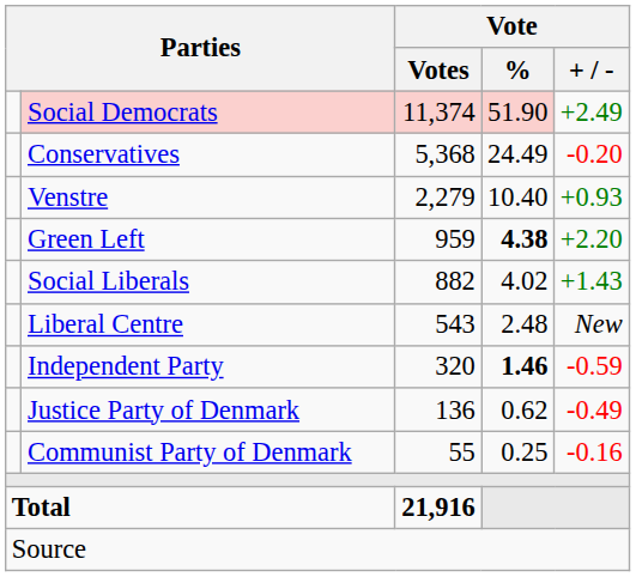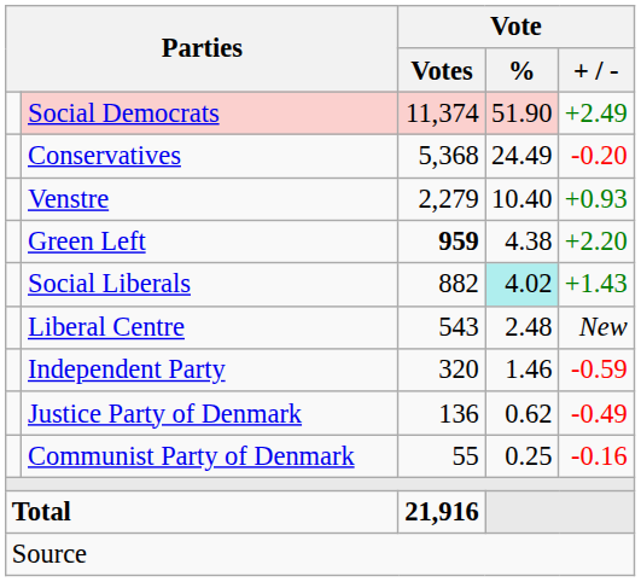 <table class="wikitable" style="text-align:right;">
 <tr>
 <th style="text-align:centre;" rowspan="2" colspan="2" width="225">Parties</th>
 <th colspan="3">Vote</th>
 </tr>
 <tr>
 <th width="15">Votes</th>
 <th width="15">%</th>
 <th width="15">+ / -</th>
 </tr>
 <tr>
 <td width="2" style="color:inherit;background:"></td>
 <td bgcolor=#fbd0ce  align="left"><a href='#'>Social Democrats</a></td>
 <td bgcolor=#fbd0ce>11,374</td>
 <td bgcolor=#fbd0ce>51.90</td>
 <td style=color:green;>+2.49</td>
 </tr>
 <tr>
 <td width="2" style="color:inherit;background:"></td>
 <td align="left"><a href='#'>Conservatives</a></td>
 <td>5,368</td>
 <td>24.49</td>
 <td style=color:red;>-0.20</td>
 </tr>
 <tr>
 <td width="2" style="color:inherit;background:"></td>
 <td align="left"><a href='#'>Venstre</a></td>
 <td>2,279</td>
 <td>10.40</td>
 <td style=color:green;>+0.93</td>
 </tr>
 <tr>
 <td width="2" style="color:inherit;background:"></td>
 <td align="left"><a href='#'>Green Left</a></td>
-<td>959</td>
-<td><strong>4.38</strong></td>
+<td><strong>959</strong></td>
+<td>4.38</td>
 <td style=color:green;>+2.20</td>
 </tr>
 <tr>
 <td width="2" style="color:inherit;background:"></td>
 <td align="left"><a href='#'>Social Liberals</a></td>
 <td>882</td>
-<td>4.02</td>
+<td style="background: paleturquoise;">4.02</td>
 <td style=color:green;>+1.43</td>
 </tr>
 <tr>
 <td width="2" style="color:inherit;background:"></td>
 <td align="left"><a href='#'>Liberal Centre</a></td>
 <td>543</td>
 <td>2.48</td>
 <td><em>New</em></td>
 </tr>
 <tr>
 <td width="2" style="color:inherit;background:"></td>
 <td align="left"><a href='#'>Independent Party</a></td>
 <td>320</td>
-<td><strong>1.46</strong></td>
+<td>1.46</td>
 <td style=color:red;>-0.59</td>
 </tr>
 <tr>
 <td width="2" style="color:inherit;background:"></td>
 <td align="left"><a href='#'>Justice Party of Denmark</a></td>
 <td>136</td>
 <td>0.62</td>
 <td style=color:red;>-0.49</td>
 </tr>
 <tr>
 <td width="2" style="color:inherit;background:"></td>
 <td align="left"><a href='#'>Communist Party of Denmark</a></td>
 <td>55</td>
 <td>0.25</td>
 <td style=color:red;>-0.16</td>
 </tr>
 <tr>
 <td colspan="7" bgcolor="#E9E9E9"></td>
 </tr>
 <tr>
 <td align="left" colspan="2"><strong>Total</strong></td>
 <td><strong>21,916</strong></td>
 <td bgcolor="#E9E9E9" colspan="2"></td>
 </tr>
 <tr>
 <td align="left" colspan="6">Source</td>
 </tr>
 </table>
